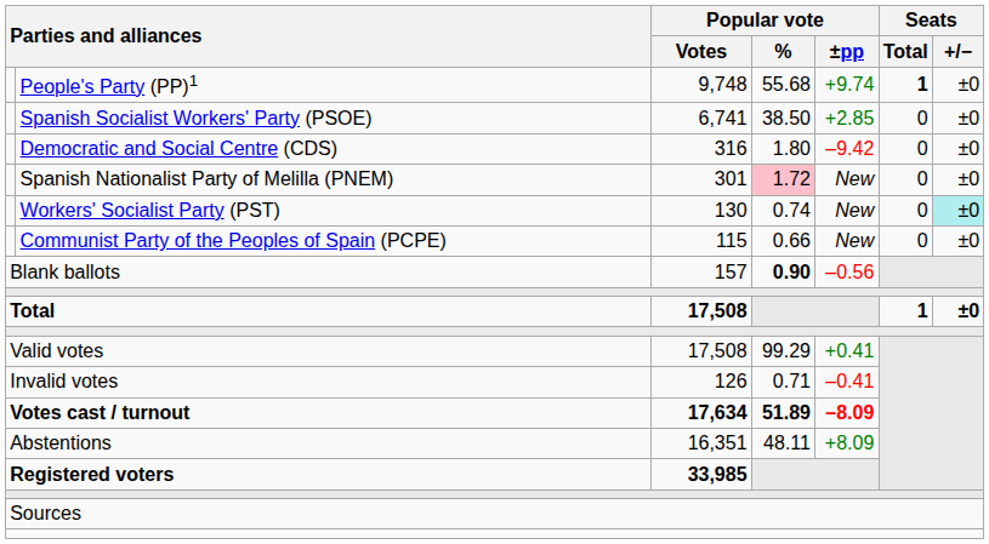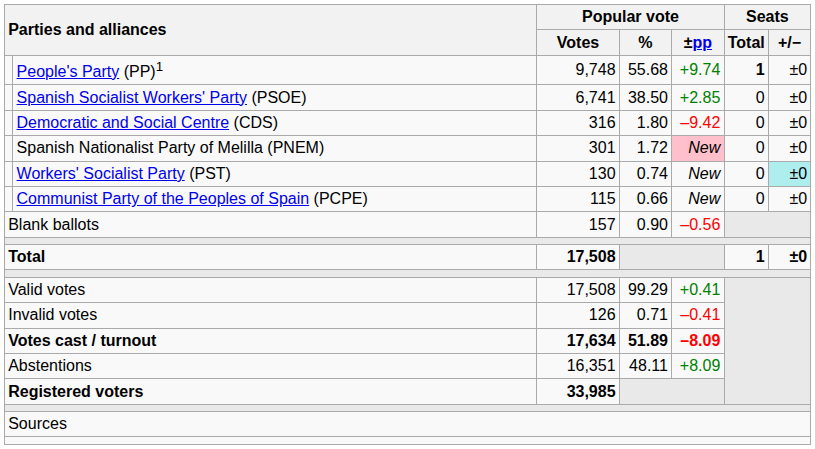 <table class="wikitable" style="text-align:right;">
 <tr>
 <th style="text-align:left;" rowspan="2" colspan="2" width="525">Parties and alliances</th>
 <th colspan="3">Popular vote</th>
 <th colspan="2">Seats</th>
 </tr>
 <tr>
 <th width="75">Votes</th>
 <th width="45">%</th>
 <th width="45">±<a href='#'>pp</a></th>
 <th width="35">Total</th>
 <th width="35">+/−</th>
 </tr>
 <tr>
 <td style="color:inherit;background:"></td>
 <td align="left"><a href='#'>People's Party</a> (PP)<sup>1</sup></td>
 <td>9,748</td>
 <td>55.68</td>
 <td style="color:green;">+9.74</td>
 <td><strong>1</strong></td>
 <td>±0</td>
 </tr>
 <tr>
 <td width="1" style="color:inherit;background:"></td>
 <td align="left"><a href='#'>Spanish Socialist Workers' Party</a> (PSOE)</td>
 <td>6,741</td>
 <td>38.50</td>
 <td style="color:green;">+2.85</td>
 <td>0</td>
 <td>±0</td>
 </tr>
 <tr>
 <td style="color:inherit;background:"></td>
 <td align="left"><a href='#'>Democratic and Social Centre</a> (CDS)</td>
 <td>316</td>
 <td>1.80</td>
 <td style="color:red;">–9.42</td>
 <td>0</td>
 <td>±0</td>
 </tr>
 <tr>
 <td style="color:inherit;background:"></td>
 <td align="left">Spanish Nationalist Party of Melilla (PNEM)</td>
 <td>301</td>
-<td style="background: pink;">1.72</td>
-<td><em>New</em></td>
+<td>1.72</td>
+<td style="background: pink;"><em>New</em></td>
 <td>0</td>
 <td>±0</td>
 </tr>
 <tr>
 <td style="color:inherit;background:"></td>
 <td align="left"><a href='#'>Workers' Socialist Party</a> (PST)</td>
 <td>130</td>
 <td>0.74</td>
 <td><em>New</em></td>
 <td>0</td>
 <td style="background: paleturquoise;">±0</td>
 </tr>
 <tr>
 <td style="color:inherit;background:"></td>
 <td align="left"><a href='#'>Communist Party of the Peoples of Spain</a> (PCPE)</td>
 <td>115</td>
 <td>0.66</td>
 <td><em>New</em></td>
 <td>0</td>
 <td>±0</td>
 </tr>
 <tr>
 <td align="left" colspan="2">Blank ballots</td>
 <td>157</td>
-<td><strong>0.90</strong></td>
+<td>0.90</td>
 <td style="color:red;">–0.56</td>
 <td bgcolor="#E9E9E9" colspan="2"></td>
 </tr>
 <tr>
 <td colspan="7" bgcolor="#E9E9E9"></td>
 </tr>
 <tr style="font-weight:bold;">
 <td align="left" colspan="2">Total</td>
 <td>17,508</td>
 <td bgcolor="#E9E9E9" colspan="2"></td>
 <td>1</td>
 <td>±0</td>
 </tr>
 <tr>
 <td colspan="7" bgcolor="#E9E9E9"></td>
 </tr>
 <tr>
 <td align="left" colspan="2">Valid votes</td>
 <td>17,508</td>
 <td>99.29</td>
 <td style="color:green;">+0.41</td>
 <td bgcolor="#E9E9E9" colspan="2" rowspan="5"></td>
 </tr>
 <tr>
 <td align="left" colspan="2">Invalid votes</td>
 <td>126</td>
 <td>0.71</td>
 <td style="color:red;">–0.41</td>
 </tr>
 <tr style="font-weight:bold;">
 <td align="left" colspan="2">Votes cast / turnout</td>
 <td>17,634</td>
 <td>51.89</td>
 <td style="color:red;">–8.09</td>
 </tr>
 <tr>
 <td align="left" colspan="2">Abstentions</td>
 <td>16,351</td>
 <td>48.11</td>
 <td style="color:green;">+8.09</td>
 </tr>
 <tr style="font-weight:bold;">
 <td align="left" colspan="2">Registered voters</td>
 <td>33,985</td>
 <td bgcolor="#E9E9E9" colspan="2"></td>
 </tr>
 <tr>
 <td colspan="7" bgcolor="#E9E9E9"></td>
 </tr>
 <tr>
 <td align="left" colspan="7">Sources</td>
 </tr>
 <tr>
 <td colspan="7" style="text-align:left; max-width:790px;"></td>
 </tr>
 </table>
